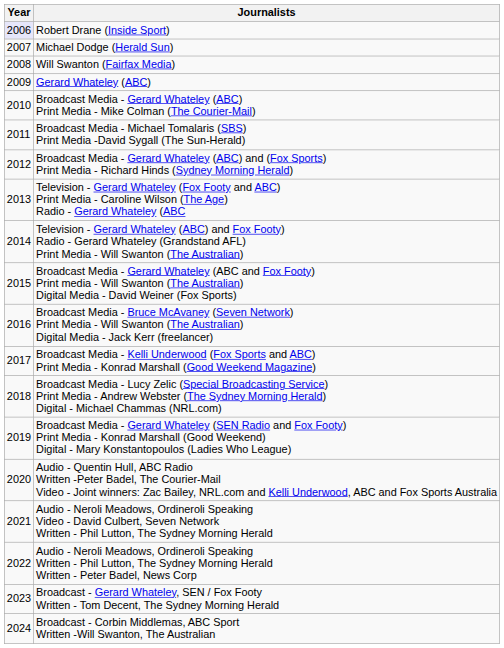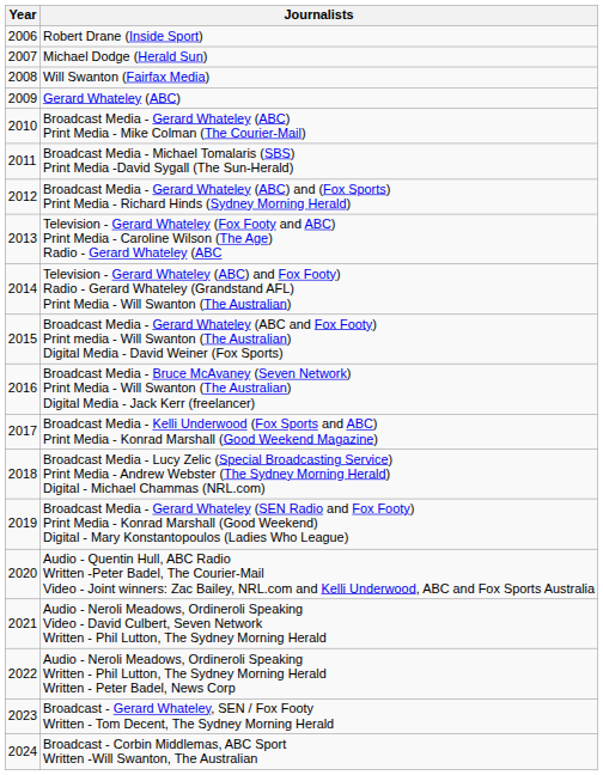 <table class="wikitable">
 <tr>
 <th>Year</th>
 <th>Journalists</th>
 </tr>
 <tr>
-<td style="background: lavender;">2006</td>
+<td>2006</td>
 <td>Robert Drane (<a href='#'>Inside Sport</a>)</td>
 </tr>
 <tr>
 <td>2007</td>
 <td>Michael Dodge (<a href='#'>Herald Sun</a>)</td>
 </tr>
 <tr>
 <td>2008</td>
 <td>Will Swanton (<a href='#'>Fairfax Media</a>)</td>
 </tr>
 <tr>
 <td>2009</td>
 <td><a href='#'>Gerard Whateley</a> (<a href='#'>ABC</a>)</td>
 </tr>
 <tr>
 <td>2010</td>
 <td>Broadcast Media - <a href='#'>Gerard Whateley</a> (<a href='#'>ABC</a>)<br> Print Media - Mike Colman (<a href='#'>The Courier-Mail</a>)</td>
 </tr>
 <tr>
 <td>2011</td>
 <td>Broadcast Media - Michael Tomalaris (<a href='#'>SBS</a>) <br> Print Media -David Sygall (The Sun-Herald)</td>
 </tr>
 <tr>
 <td>2012</td>
 <td>Broadcast Media - <a href='#'>Gerard Whateley</a> (<a href='#'>ABC</a>) and (<a href='#'>Fox Sports</a>) <br> Print Media - Richard Hinds (<a href='#'>Sydney Morning Herald</a>)</td>
 </tr>
 <tr>
 <td>2013</td>
 <td>Television - <a href='#'>Gerard Whateley</a> (<a href='#'>Fox Footy</a> and <a href='#'>ABC</a>) <br> Print Media - Caroline Wilson (<a href='#'>The Age</a>) <br> Radio - <a href='#'>Gerard Whateley</a> (<a href='#'>ABC</a></td>
 </tr>
 <tr>
 <td>2014</td>
 <td>Television - <a href='#'>Gerard Whateley</a> (<a href='#'>ABC</a>) and <a href='#'>Fox Footy</a>) <br> Radio - Gerard Whateley (Grandstand AFL) <br> Print Media - Will Swanton (<a href='#'>The Australian</a>)</td>
 </tr>
 <tr>
 <td>2015</td>
 <td>Broadcast Media - <a href='#'>Gerard Whateley</a> (ABC and <a href='#'>Fox Footy</a>) <br> Print media - Will Swanton (<a href='#'>The Australian</a>)  <br> Digital Media - David Weiner (Fox Sports)</td>
 </tr>
 <tr>
 <td>2016</td>
 <td>Broadcast Media - <a href='#'>Bruce McAvaney</a> (<a href='#'>Seven Network</a>) <br> Print Media - Will Swanton (<a href='#'>The Australian</a>)  <br>  Digital Media - Jack Kerr (freelancer)</td>
 </tr>
 <tr>
 <td>2017</td>
 <td>Broadcast Media - <a href='#'>Kelli Underwood</a> (<a href='#'>Fox Sports</a> and <a href='#'>ABC</a>) <br> Print Media - Konrad Marshall (<a href='#'>Good Weekend Magazine</a>)</td>
 </tr>
 <tr>
 <td>2018</td>
 <td>Broadcast Media - Lucy Zelic (<a href='#'>Special Broadcasting Service</a>) <br> Print Media - Andrew Webster (<a href='#'>The Sydney Morning Herald</a>) <br> Digital - Michael Chammas (NRL.com)</td>
 </tr>
 <tr>
 <td>2019</td>
 <td>Broadcast Media - <a href='#'>Gerard Whateley</a> (<a href='#'>SEN Radio</a> and <a href='#'>Fox Footy</a>)<br> Print Media - Konrad Marshall (Good Weekend) <br> Digital - Mary Konstantopoulos (Ladies Who League)</td>
 </tr>
 <tr>
 <td>2020</td>
 <td>Audio - Quentin Hull, ABC Radio <br> Written -Peter Badel, The Courier-Mail <br> Video - Joint winners: Zac Bailey, NRL.com and <a href='#'>Kelli Underwood</a>, ABC and Fox Sports Australia</td>
 </tr>
 <tr>
 <td>2021</td>
 <td>Audio - Neroli Meadows, Ordineroli Speaking <br> Video - David Culbert, Seven Network <br> Written - Phil Lutton, The Sydney Morning Herald <br></td>
 </tr>
 <tr>
 <td>2022</td>
 <td>Audio - Neroli Meadows, Ordineroli Speaking <br> Written - Phil Lutton, The Sydney Morning Herald <br> Written - Peter Badel, News Corp</td>
 </tr>
 <tr>
 <td>2023</td>
 <td>Broadcast - <a href='#'>Gerard Whateley</a>, SEN / Fox Footy <br> Written - Tom Decent, The Sydney Morning Herald</td>
 </tr>
 <tr>
 <td>2024</td>
 <td>Broadcast - Corbin Middlemas, ABC Sport <br> Written -Will Swanton, The Australian</td>
 </tr>
 </table>
